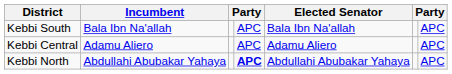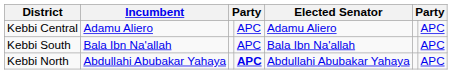 <table class="sortable wikitable" style="font-size:95%;line-height:14px;">
 <tr>
 <th class="unsortable">District</th>
 <th class="unsortable"><a href='#'>Incumbent</a></th>
 <th colspan="2">Party</th>
 <th class="unsortable">Elected Senator</th>
 <th colspan="2">Party</th>
 </tr>
 <tr>
+<td>Kebbi Central</td>
+<td><a href='#'>Adamu Aliero</a></td>
+<td style="background:"></td>
+<td><a href='#'>APC</a></td>
+<td><a href='#'>Adamu Aliero</a></td>
+<td style="background:"></td>
+<td><a href='#'>APC</a></td>
+</tr>
+<tr>
 <td>Kebbi South</td>
 <td><a href='#'>Bala Ibn Na'allah</a></td>
 <td style="background:"></td>
 <td><a href='#'>APC</a></td>
 <td><a href='#'>Bala Ibn Na'allah</a></td>
-<td style="background:"></td>
-<td><a href='#'>APC</a></td>
-</tr>
-<tr>
-<td>Kebbi Central</td>
-<td><a href='#'>Adamu Aliero</a></td>
-<td style="background:"></td>
-<td><a href='#'>APC</a></td>
-<td><a href='#'>Adamu Aliero</a></td>
 <td style="background:"></td>
 <td><a href='#'>APC</a></td>
 </tr>
 <tr>
 <td>Kebbi North</td>
 <td><a href='#'>Abdullahi Abubakar Yahaya</a></td>
 <td style="background:"></td>
 <td><strong><a href='#'>APC</a></strong></td>
 <td><a href='#'>Abdullahi Abubakar Yahaya</a></td>
 <td style="background:"></td>
 <td><a href='#'>APC</a></td>
 </tr>
 </table>
